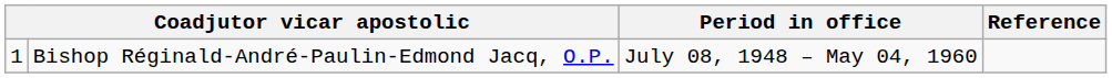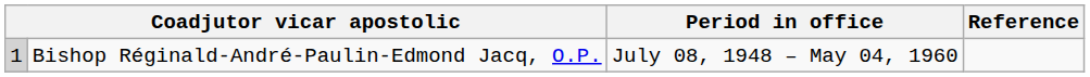 <table class="wikitable">
 <tr>
 <th colspan="2">Coadjutor vicar apostolic</th>
 <th>Period in office</th>
 <th>Reference</th>
 </tr>
 <tr>
-<td>1</td>
+<td style="background: lightgrey;">1</td>
 <td>Bishop Réginald-André-Paulin-Edmond Jacq, <a href='#'>O.P.</a></td>
 <td>July 08, 1948 – May 04, 1960</td>
 <td></td>
 </tr>
 </table>
